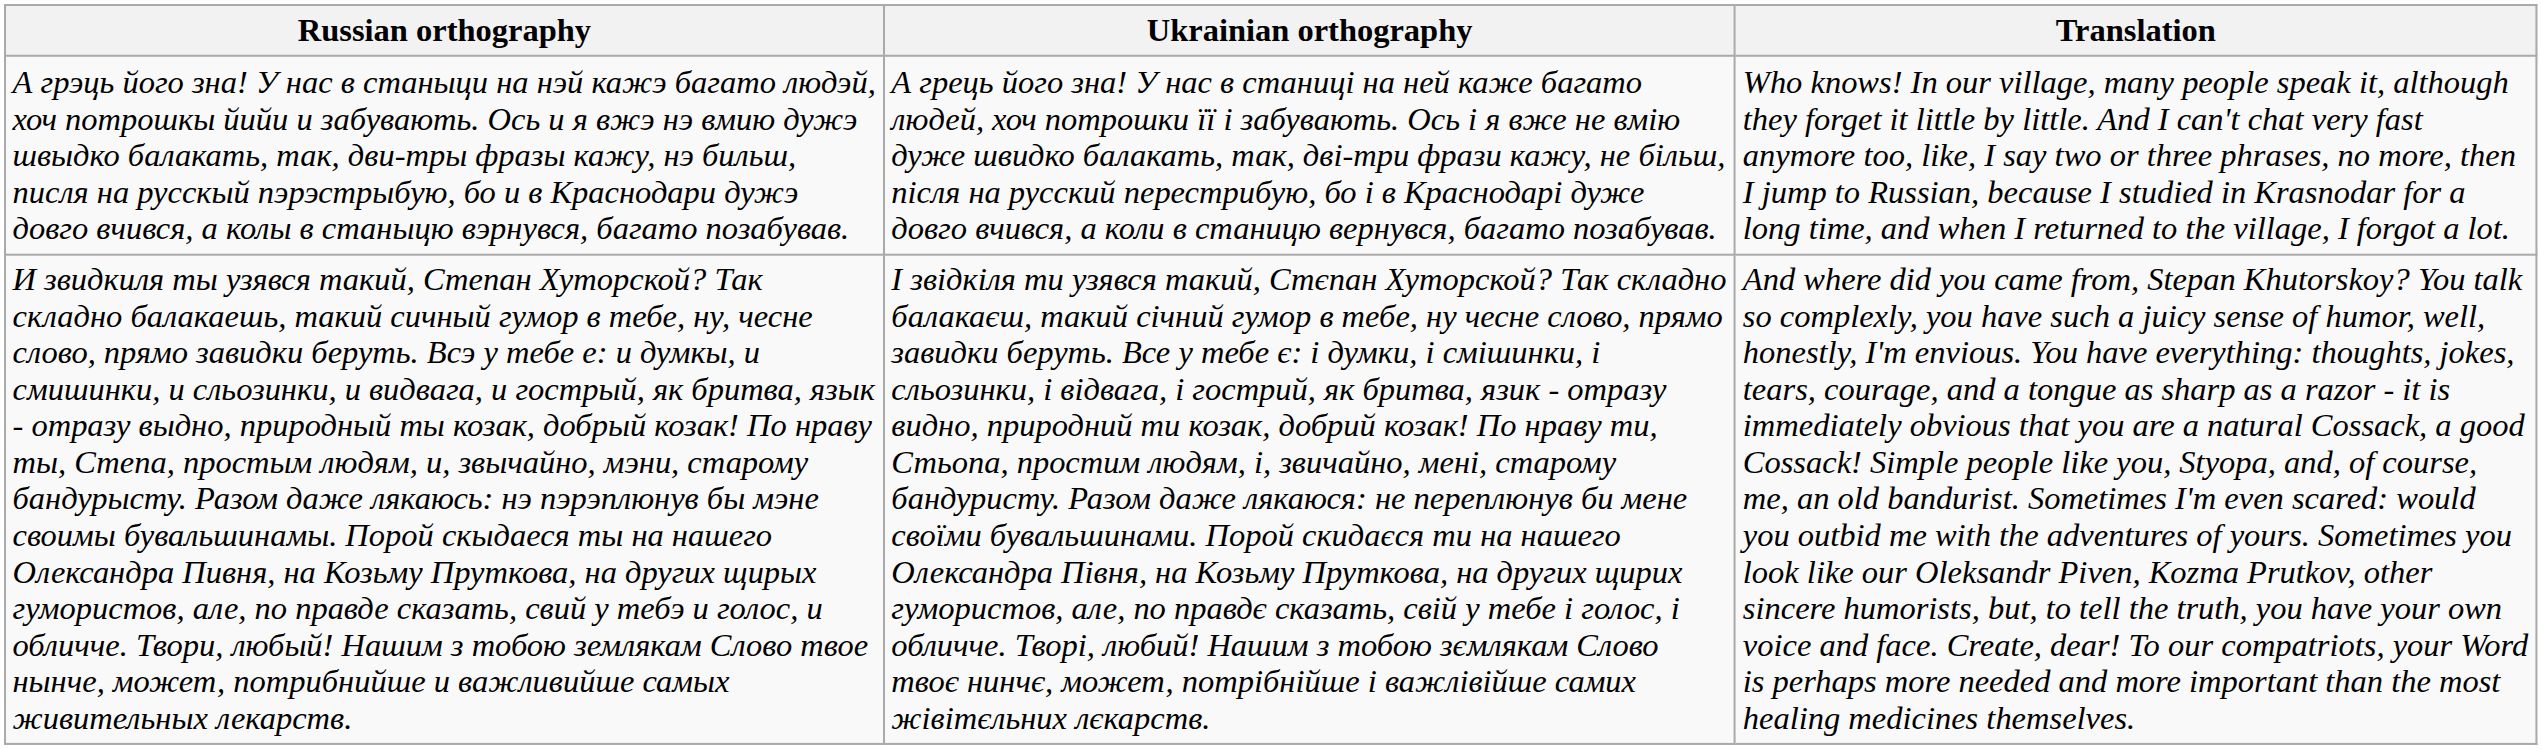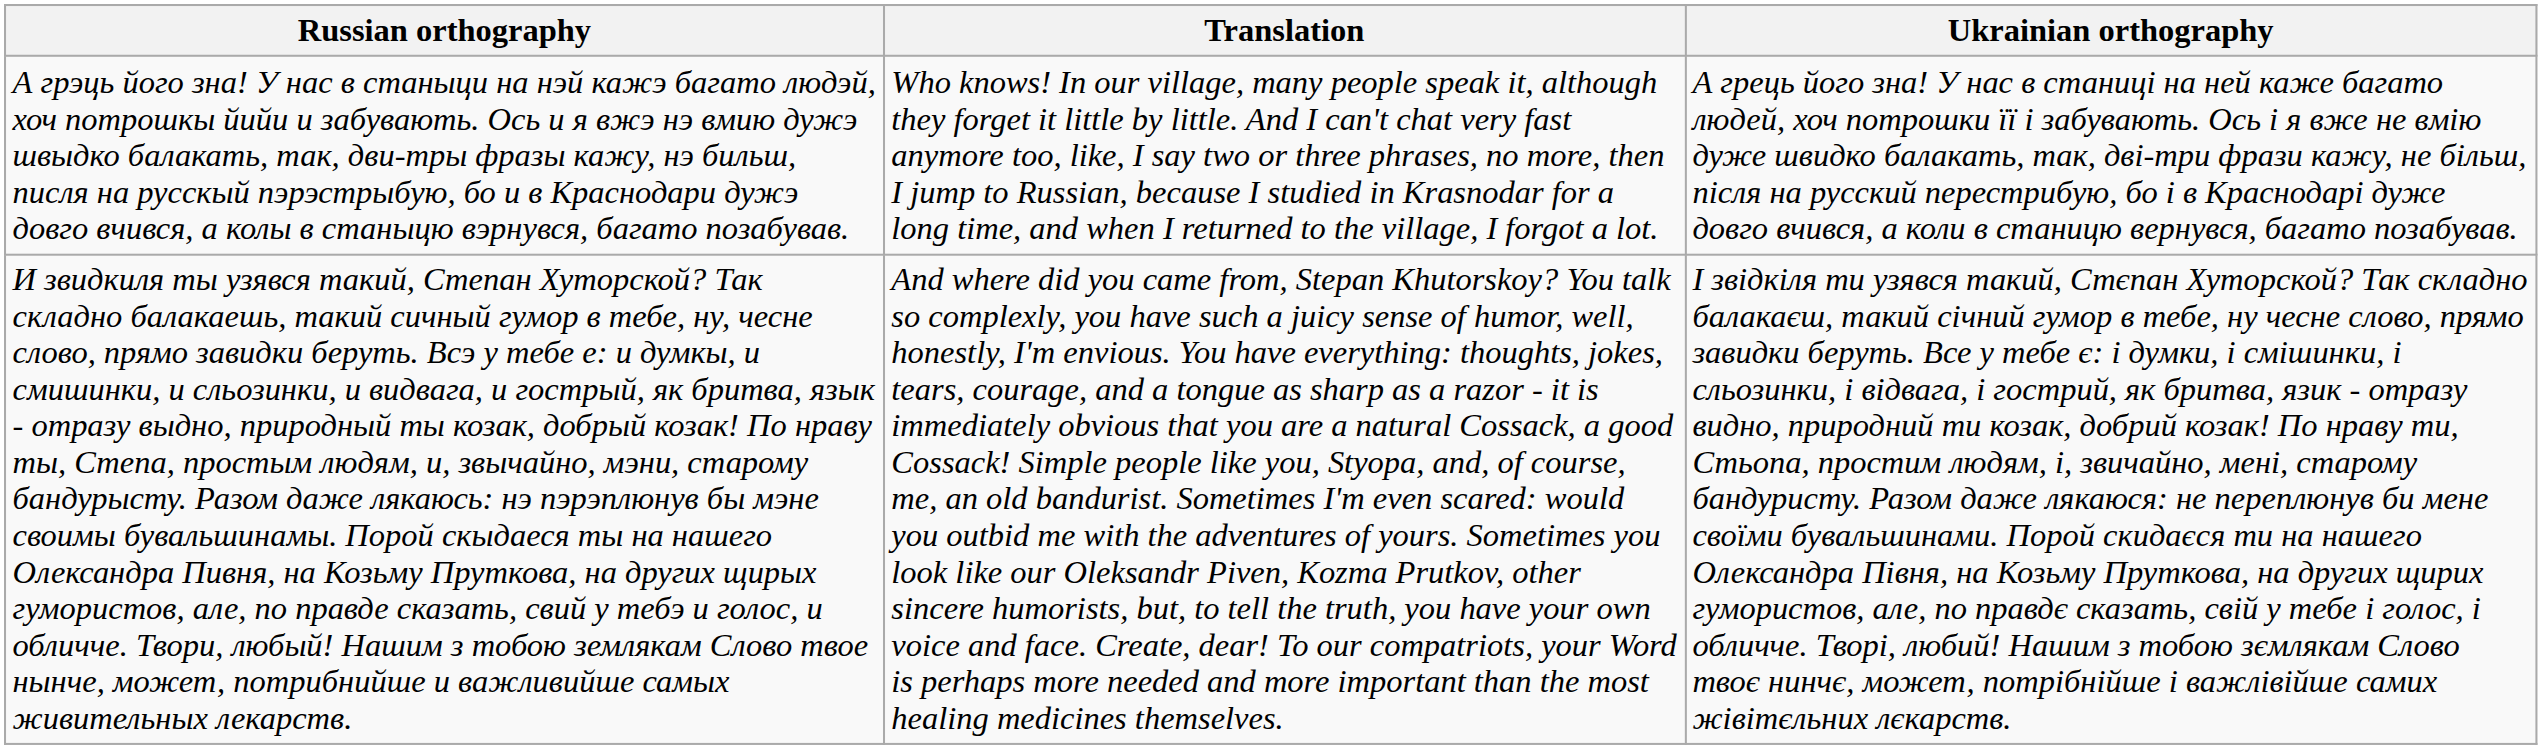 <table class="wikitable">
 <tr>
 <th>Russian orthography</th>
+<th>Translation</th>
 <th>Ukrainian orthography</th>
-<th>Translation</th>
 </tr>
 <tr>
 <td><em>А грэць його зна! У нас в станыци на нэй кажэ багато людэй, хоч потрошкы йийи и забувають. Ось и я вжэ нэ вмию дужэ швыдко балакать, так, дви-тры фразы кажу, нэ бильш, писля на русскый пэрэстрыбую, бо и в Краснодари дужэ довго вчився, а колы в станыцю вэрнувся, багато позабував.</em></td>
+<td><em>Who knows! In our village, many people speak it, although they forget it little by little. And I can't chat very fast anymore too, like, I say two or three phrases, no more, then I jump to Russian, because I studied in Krasnodar for a long time, and when I returned to the village, I forgot a lot.</em></td>
 <td><em>А грець його зна! У нас в станиці на ней каже багато людей, хоч потрошки її і забувають. Ось і я вже не вмію дуже швидко балакать, так, дві-три фрази кажу, не більш, після на русский перестрибую, бо і в Краснодарі дуже довго вчився, а коли в станицю вернувся, багато позабував.</em></td>
-<td><em>Who knows! In our village, many people speak it, although they forget it little by little. And I can't chat very fast anymore too, like, I say two or three phrases, no more, then I jump to Russian, because I studied in Krasnodar for a long time, and when I returned to the village, I forgot a lot.</em></td>
 </tr>
 <tr>
 <td><em>И звидкиля ты узявся такий, Степан Хуторской? Так складно балакаешь, такий сичный гумор в тебе, ну, чесне слово, прямо завидки беруть. Всэ у тебе е: и думкы, и смишинки, и сльозинки, и видвага, и гострый, як бритва, язык - отразу выдно, природный ты козак, добрый козак! По нраву ты, Степа, простым людям, и, звычайно, мэни, старому бандурысту. Разом даже лякаюсь: нэ пэрэплюнув бы мэне своимы бувальшинамы. Порой скыдаеся ты на нашего Олександра Пивня, на Козьму Пруткова, на других щирых гумористов, але, по правде сказать, свий у тебэ и голос, и обличче. Твори, любый! Нашим з тобою землякам Слово твое нынче, может, потрибнийше и важливийше самых живительных лекарств.</em></td>
+<td><em>And where did you came from, Stepan Khutorskoy? You talk so complexly, you have such a juicy sense of humor, well, honestly, I'm envious. You have everything: thoughts, jokes, tears, courage, and a tongue as sharp as a razor - it is immediately obvious that you are a natural Cossack, a good Cossack! Simple people like you, Styopa, and, of course, me, an old bandurist. Sometimes I'm even scared: would you outbid me with the adventures of yours. Sometimes you look like our Oleksandr Piven, Kozma Prutkov, other sincere humorists, but, to tell the truth, you have your own voice and face. Create, dear! To our compatriots, your Word is perhaps more needed and more important than the most healing medicines themselves.</em></td>
 <td><em>І звідкіля ти узявся такий, Стєпан Хуторской? Так складно балакаєш, такий січний гумор в тебе, ну чесне слово, прямо завидки беруть. Все у тебе є: і думки, і смішинки, і сльозинки, і відвага, і гострий, як бритва, язик - отразу видно, природний ти козак, добрий козак! По нраву ти, Стьопа, простим людям, і, звичайно, мені, старому бандуристу. Разом даже лякаюся: не переплюнув би мене своїми бувальшинами. Порой скидаєся ти на нашего Олександра Півня, на Козьму Пруткова, на других щирих гумористов, але, по правдє сказать, свій у тебе і голос, і обличче. Творі, любий! Нашим з тобою зємлякам Слово твоє нинчє, может, потрібнійше і важлівійше самих жівітєльних лєкарств.</em></td>
-<td><em>And where did you came from, Stepan Khutorskoy? You talk so complexly, you have such a juicy sense of humor, well, honestly, I'm envious. You have everything: thoughts, jokes, tears, courage, and a tongue as sharp as a razor - it is immediately obvious that you are a natural Cossack, a good Cossack! Simple people like you, Styopa, and, of course, me, an old bandurist. Sometimes I'm even scared: would you outbid me with the adventures of yours. Sometimes you look like our Oleksandr Piven, Kozma Prutkov, other sincere humorists, but, to tell the truth, you have your own voice and face. Create, dear! To our compatriots, your Word is perhaps more needed and more important than the most healing medicines themselves.</em></td>
 </tr>
 </table>
